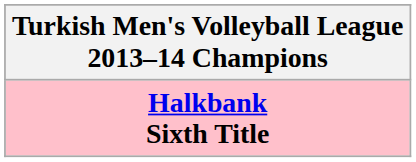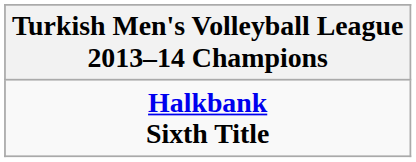 <table class=wikitable style="text-align:center; margin:auto">
 <tr>
 <th>Turkish Men's Volleyball League<br> 2013–14  Champions</th>
 </tr>
 <tr>
-<td style="background: pink;"><strong><a href='#'>Halkbank</a></strong> <br> <strong>Sixth Title</strong></td>
+<td><strong><a href='#'>Halkbank</a></strong> <br> <strong>Sixth Title</strong></td>
 </tr>
 </table>
